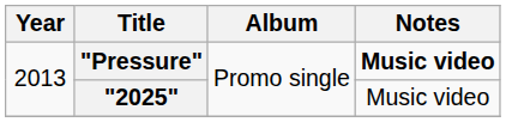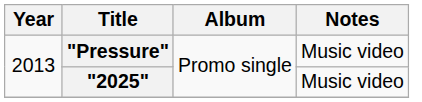 <table class="wikitable plainrowheaders" style="text-align:center;">
 <tr>
 <th scope="col" style="width:2.5em;">Year</th>
 <th scope="col">Title</th>
 <th scope="col">Album</th>
 <th scope="col">Notes</th>
 </tr>
 <tr>
 <td rowspan="2">2013</td>
 <th scope="row">"Pressure"</th>
 <td rowspan="2">Promo single</td>
-<td><strong>Music video</strong></td>
+<td>Music video</td>
 </tr>
 <tr>
 <th scope="row">"2025"</th>
 <td>Music video</td>
 </tr>
 <tr>
 </tr>
 </table>
